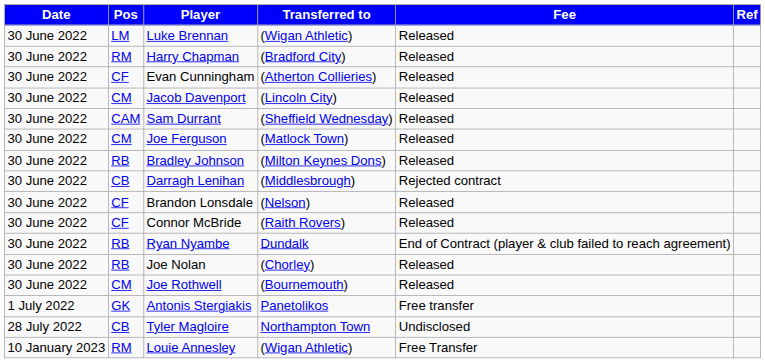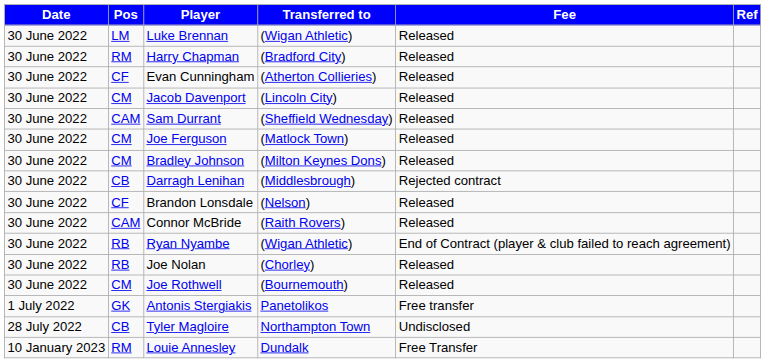 <table class="wikitable plainrowheaders sortable">
 <tr>
 <th style="background:#0000FF; color:#ffffff; ">Date</th>
 <th style="background:#0000FF; color:#ffffff; ">Pos</th>
 <th style="background:#0000FF; color:#ffffff; ">Player</th>
 <th style="background:#0000FF; color:#ffffff; ">Transferred to</th>
 <th style="background:#0000FF; color:#ffffff; ">Fee</th>
 <th style="background:#0000FF; color:#ffffff; ">Ref</th>
 </tr>
 <tr>
 <td>30 June 2022</td>
 <td><a href='#'>LM</a></td>
 <td> <a href='#'>Luke Brennan</a></td>
 <td> (<a href='#'>Wigan Athletic</a>)</td>
 <td>Released</td>
 <td></td>
 </tr>
 <tr>
 <td>30 June 2022</td>
 <td><a href='#'>RM</a></td>
 <td> <a href='#'>Harry Chapman</a></td>
 <td> (<a href='#'>Bradford City</a>)</td>
 <td>Released</td>
 <td></td>
 </tr>
 <tr>
 <td>30 June 2022</td>
 <td><a href='#'>CF</a></td>
 <td> Evan Cunningham</td>
 <td> (<a href='#'>Atherton Collieries</a>)</td>
 <td>Released</td>
 <td></td>
 </tr>
 <tr>
 <td>30 June 2022</td>
 <td><a href='#'>CM</a></td>
 <td> <a href='#'>Jacob Davenport</a></td>
 <td> (<a href='#'>Lincoln City</a>)</td>
 <td>Released</td>
 <td></td>
 </tr>
 <tr>
 <td>30 June 2022</td>
 <td><a href='#'>CAM</a></td>
 <td> <a href='#'>Sam Durrant</a></td>
 <td> (<a href='#'>Sheffield Wednesday</a>)</td>
 <td>Released</td>
 <td></td>
 </tr>
 <tr>
 <td>30 June 2022</td>
 <td><a href='#'>CM</a></td>
 <td> <a href='#'>Joe Ferguson</a></td>
 <td> (<a href='#'>Matlock Town</a>)</td>
 <td>Released</td>
 <td></td>
 </tr>
 <tr>
 <td>30 June 2022</td>
-<td><a href='#'>RB</a></td>
+<td><a href='#'>CM</a></td>
 <td> <a href='#'>Bradley Johnson</a></td>
 <td> (<a href='#'>Milton Keynes Dons</a>)</td>
 <td>Released</td>
 <td></td>
 </tr>
 <tr>
 <td>30 June 2022</td>
 <td><a href='#'>CB</a></td>
 <td> <a href='#'>Darragh Lenihan</a></td>
 <td> (<a href='#'>Middlesbrough</a>)</td>
 <td>Rejected contract</td>
 <td></td>
 </tr>
 <tr>
 <td>30 June 2022</td>
 <td><a href='#'>CF</a></td>
 <td> Brandon Lonsdale</td>
 <td> (<a href='#'>Nelson</a>)</td>
 <td>Released</td>
 <td></td>
 </tr>
 <tr>
 <td>30 June 2022</td>
-<td><a href='#'>CF</a></td>
+<td><a href='#'>CAM</a></td>
 <td> Connor McBride</td>
 <td> (<a href='#'>Raith Rovers</a>)</td>
 <td>Released</td>
 <td></td>
 </tr>
 <tr>
 <td>30 June 2022</td>
 <td><a href='#'>RB</a></td>
 <td> <a href='#'>Ryan Nyambe</a></td>
-<td> <a href='#'>Dundalk</a></td>
+<td> (<a href='#'>Wigan Athletic</a>)</td>
 <td>End of Contract (player & club failed to reach agreement)</td>
 <td></td>
 </tr>
 <tr>
 <td>30 June 2022</td>
 <td><a href='#'>RB</a></td>
 <td> Joe Nolan</td>
 <td> (<a href='#'>Chorley</a>)</td>
 <td>Released</td>
 <td></td>
 </tr>
 <tr>
 <td>30 June 2022</td>
 <td><a href='#'>CM</a></td>
 <td> <a href='#'>Joe Rothwell</a></td>
 <td> (<a href='#'>Bournemouth</a>)</td>
 <td>Released</td>
 <td></td>
 </tr>
 <tr>
 <td>1 July 2022</td>
 <td><a href='#'>GK</a></td>
 <td> <a href='#'>Antonis Stergiakis</a></td>
 <td> <a href='#'>Panetolikos</a></td>
 <td>Free transfer</td>
 <td></td>
 </tr>
 <tr>
 <td>28 July 2022</td>
 <td><a href='#'>CB</a></td>
 <td> <a href='#'>Tyler Magloire</a></td>
 <td> <a href='#'>Northampton Town</a></td>
 <td>Undisclosed</td>
 <td></td>
 </tr>
 <tr>
 <td>10 January 2023</td>
 <td><a href='#'>RM</a></td>
 <td> <a href='#'>Louie Annesley</a></td>
-<td> (<a href='#'>Wigan Athletic</a>)</td>
+<td> <a href='#'>Dundalk</a></td>
 <td>Free Transfer</td>
 <td></td>
 </tr>
 </table>
